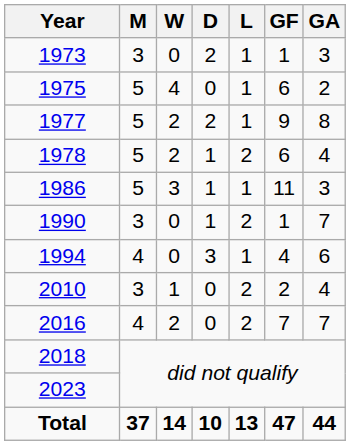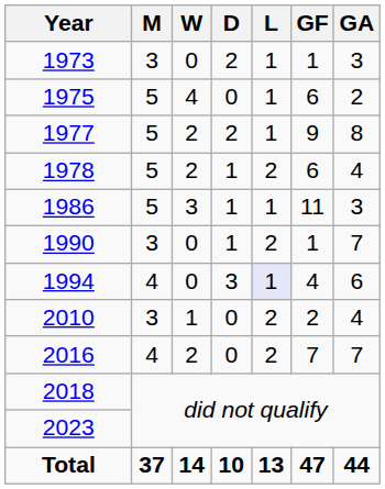 <table class="wikitable" style="text-align: center">
 <tr>
 <th width=80>Year</th>
 <th width=20>M</th>
 <th width=20>W</th>
 <th width=20>D</th>
 <th width=20>L</th>
 <th width=20>GF</th>
 <th width=20>GA</th>
 </tr>
 <tr>
 <td> <a href='#'>1973</a></td>
 <td>3</td>
 <td>0</td>
 <td>2</td>
 <td>1</td>
 <td>1</td>
 <td>3</td>
 </tr>
 <tr>
 <td> <a href='#'>1975</a></td>
 <td>5</td>
 <td>4</td>
 <td>0</td>
 <td>1</td>
 <td>6</td>
 <td>2</td>
 </tr>
 <tr>
 <td> <a href='#'>1977</a></td>
 <td>5</td>
 <td>2</td>
 <td>2</td>
 <td>1</td>
 <td>9</td>
 <td>8</td>
 </tr>
 <tr>
 <td> <a href='#'>1978</a></td>
 <td>5</td>
 <td>2</td>
 <td>1</td>
 <td>2</td>
 <td>6</td>
 <td>4</td>
 </tr>
 <tr>
 <td> <a href='#'>1986</a></td>
 <td>5</td>
 <td>3</td>
 <td>1</td>
 <td>1</td>
 <td>11</td>
 <td>3</td>
 </tr>
 <tr>
 <td> <a href='#'>1990</a></td>
 <td>3</td>
 <td>0</td>
 <td>1</td>
 <td>2</td>
 <td>1</td>
 <td>7</td>
 </tr>
 <tr>
 <td> <a href='#'>1994</a></td>
 <td>4</td>
 <td>0</td>
 <td>3</td>
-<td>1</td>
+<td style="background: lavender;">1</td>
 <td>4</td>
 <td>6</td>
 </tr>
 <tr>
 <td> <a href='#'>2010</a></td>
 <td>3</td>
 <td>1</td>
 <td>0</td>
 <td>2</td>
 <td>2</td>
 <td>4</td>
 </tr>
 <tr>
 <td> <a href='#'>2016</a></td>
 <td>4</td>
 <td>2</td>
 <td>0</td>
 <td>2</td>
 <td>7</td>
 <td>7</td>
 </tr>
 <tr>
 <td> <a href='#'>2018</a></td>
 <td rowspan=2 colspan=6><em>did not qualify</em></td>
 </tr>
 <tr>
 <td> <a href='#'>2023</a></td>
 </tr>
 <tr>
 <td><strong>Total</strong></td>
 <td><strong>37</strong></td>
 <td><strong>14</strong></td>
 <td><strong>10</strong></td>
 <td><strong>13</strong></td>
 <td><strong>47</strong></td>
 <td><strong>44</strong></td>
 </tr>
 </table>
